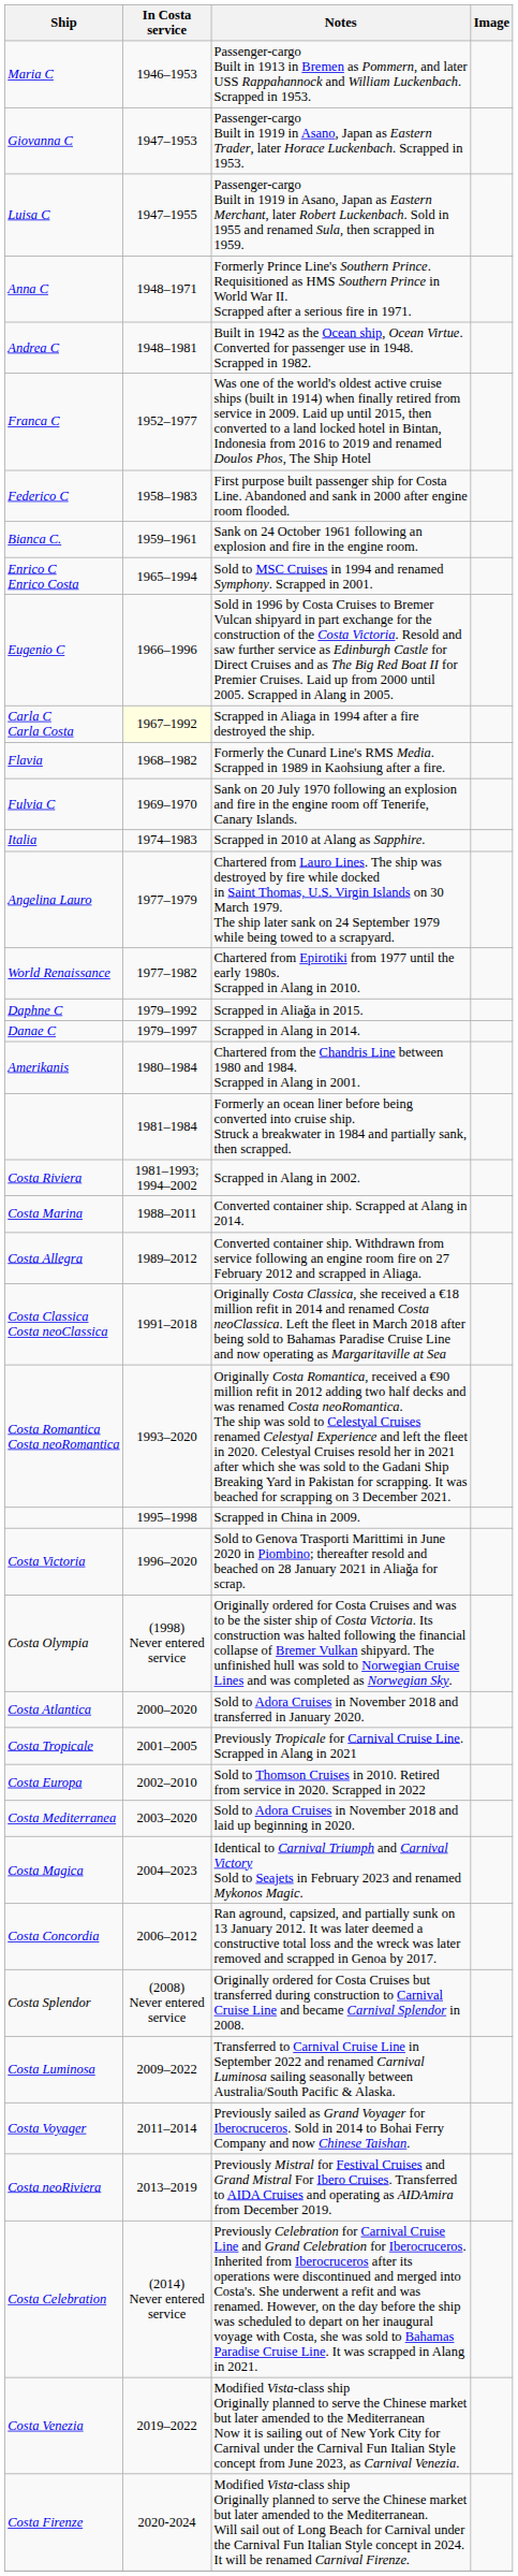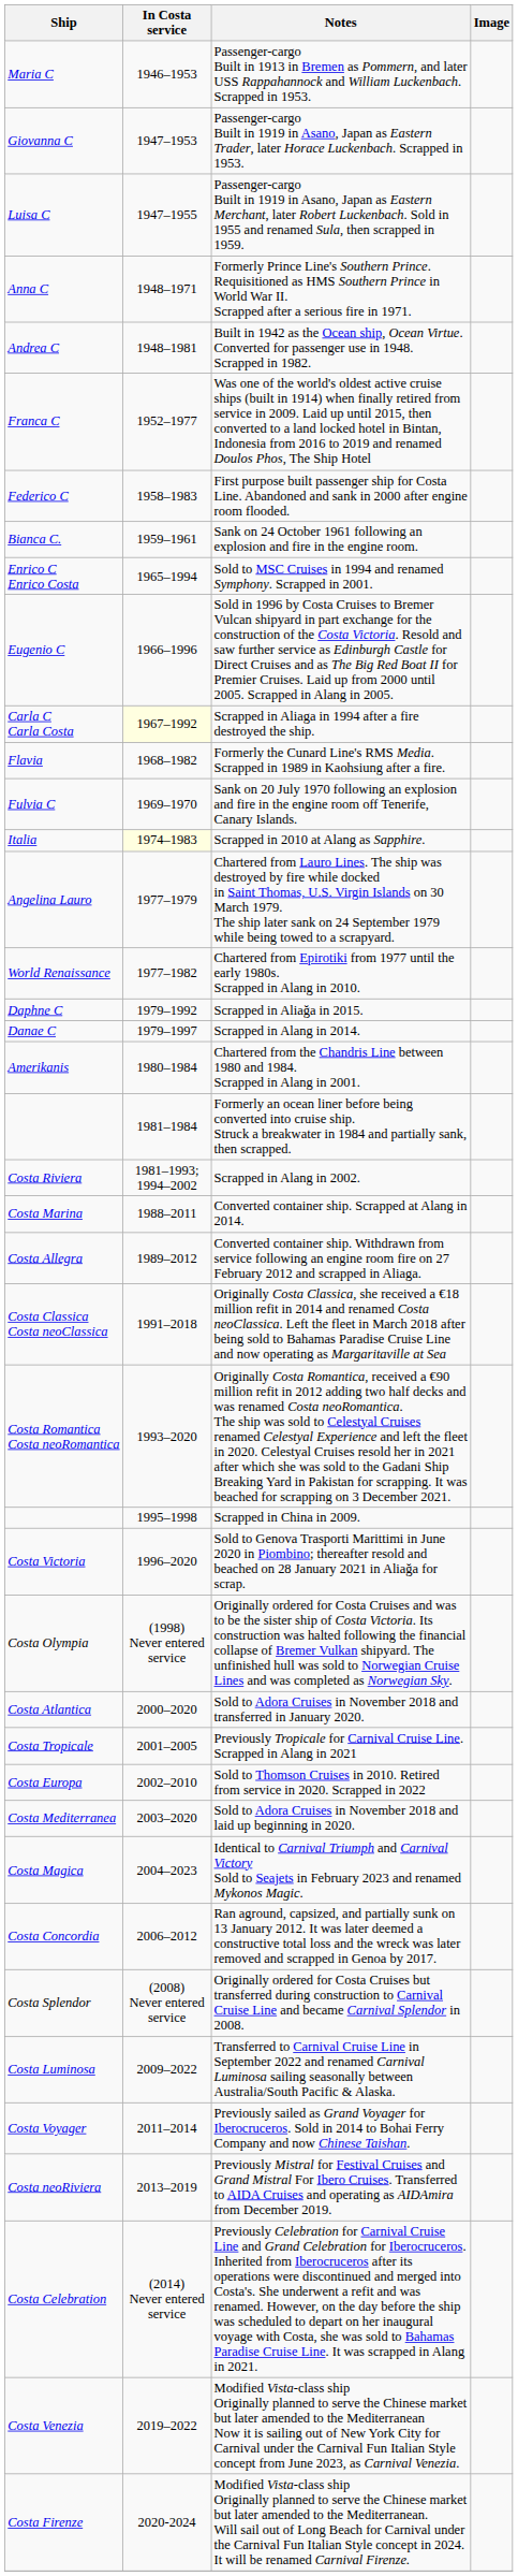 <table class="wikitable sortable">
 <tr>
 <th>Ship</th>
 <th>In Costa service</th>
 <th class="unsortable">Notes</th>
 <th class="unsortable">Image</th>
 </tr>
 <tr>
 <td><a href='#'><em>Maria C</em></a></td>
 <td style="text-align:Center;">1946–1953</td>
 <td>Passenger-cargo<br>Built in 1913 in <a href='#'>Bremen</a> as <em>Pommern</em>, and later USS <em>Rappahannock</em> and <em>William Luckenbach</em>. Scrapped in 1953.</td>
 <td></td>
 </tr>
 <tr>
 <td><em><a href='#'>Giovanna C</a></em></td>
 <td style="text-align:Center;">1947–1953</td>
 <td>Passenger-cargo<br>Built in 1919 in <a href='#'>Asano</a>, Japan as <em>Eastern Trader</em>, later <em>Horace Luckenbach</em>. Scrapped in 1953.</td>
 <td></td>
 </tr>
 <tr>
 <td><em><a href='#'>Luisa C</a></em></td>
 <td style="text-align:Center;">1947–1955</td>
 <td>Passenger-cargo<br>Built in 1919 in Asano, Japan as <em>Eastern Merchant</em>, later <em>Robert Luckenbach</em>. Sold in 1955 and renamed <em>Sula</em>, then scrapped in 1959.</td>
 <td></td>
 </tr>
 <tr>
 <td><em><a href='#'>Anna C</a></em></td>
 <td style="text-align:Center;">1948–1971</td>
 <td>Formerly Prince Line's <em>Southern Prince</em>. Requisitioned as HMS <em>Southern Prince</em> in World War II.<br>Scrapped after a serious fire in 1971.</td>
 <td></td>
 </tr>
 <tr>
 <td><em><a href='#'>Andrea C</a></em></td>
 <td style="text-align:Center;">1948–1981</td>
 <td>Built in 1942 as the <a href='#'>Ocean ship</a>, <em>Ocean Virtue</em>. Converted for passenger use in 1948.<br>Scrapped in 1982.</td>
 <td></td>
 </tr>
 <tr>
 <td><a href='#'><em>Franca C</em></a></td>
 <td style="text-align:Center;">1952–1977</td>
 <td>Was one of the world's oldest active cruise ships (built in 1914) when finally retired from service in 2009. Laid up until 2015, then converted to a land locked hotel in Bintan, Indonesia from 2016 to 2019 and renamed <em>Doulos Phos</em>, The Ship Hotel</td>
 <td></td>
 </tr>
 <tr>
 <td><em><a href='#'>Federico C</a></em></td>
 <td style="text-align:Center;">1958–1983</td>
 <td>First purpose built passenger ship for Costa Line. Abandoned and sank in 2000 after engine room flooded.</td>
 <td></td>
 </tr>
 <tr>
 <td><a href='#'><em>Bianca C.</em></a></td>
 <td style="text-align:Center;">1959–1961</td>
 <td>Sank on 24 October 1961 following an explosion and fire in the engine room.</td>
 <td></td>
 </tr>
 <tr>
 <td><a href='#'><em>Enrico C</em><br><em>Enrico Costa</em></a></td>
 <td style="text-align:Center;">1965–1994</td>
 <td>Sold to <a href='#'>MSC Cruises</a> in 1994 and renamed <em>Symphony</em>. Scrapped in 2001.</td>
 <td></td>
 </tr>
 <tr>
 <td><a href='#'><em>Eugenio C</em></a></td>
 <td style="text-align:Center;">1966–1996</td>
 <td>Sold in 1996 by Costa Cruises to Bremer Vulcan shipyard in part exchange for the construction of the <em><a href='#'>Costa Victoria</a></em>. Resold and saw further service as <em>Edinburgh Castle</em> for Direct Cruises and as <em>The Big Red Boat II</em> for Premier Cruises. Laid up from 2000 until 2005. Scrapped in Alang in 2005.</td>
 <td></td>
 </tr>
 <tr>
 <td><a href='#'><em>Carla C</em><br><em>Carla Costa</em></a></td>
 <td style="background: lightyellow; text-align:Center;">1967–1992</td>
 <td>Scrapped in Aliaga in 1994 after a fire destroyed the ship.</td>
 <td></td>
 </tr>
 <tr>
 <td><em><a href='#'>Flavia</a></em></td>
 <td style="text-align:Center;">1968–1982</td>
 <td>Formerly the Cunard Line's RMS <em>Media</em>. Scrapped in 1989 in Kaohsiung after a fire.</td>
 <td></td>
 </tr>
 <tr>
 <td><em><a href='#'>Fulvia C</a></em></td>
 <td style="text-align:Center;">1969–1970</td>
 <td>Sank on 20 July 1970 following an explosion and fire in the engine room off Tenerife, Canary Islands.</td>
 <td></td>
 </tr>
 <tr>
 <td><em><a href='#'>Italia</a></em></td>
-<td style="text-align:Center;">1974–1983</td>
+<td style="background: lightyellow; text-align:Center;">1974–1983</td>
 <td>Scrapped in 2010 at Alang as <em>Sapphire</em>.</td>
 <td></td>
 </tr>
 <tr>
 <td><em><a href='#'>Angelina Lauro</a></em></td>
 <td style="text-align:Center;">1977–1979</td>
 <td>Chartered from <a href='#'>Lauro Lines</a>. The ship was destroyed by fire while docked<br>in <a href='#'>Saint Thomas, U.S. Virgin Islands</a> on 30 March 1979.<br>The ship later sank on 24 September 1979 while being towed to a scrapyard.</td>
 <td></td>
 </tr>
 <tr>
 <td><em><a href='#'>World Renaissance</a></em></td>
 <td style="text-align:Center;">1977–1982</td>
 <td>Chartered from <a href='#'>Epirotiki</a> from 1977 until the early 1980s.<br>Scrapped in Alang in 2010.</td>
 <td></td>
 </tr>
 <tr>
 <td><em><a href='#'>Daphne C</a></em></td>
 <td style="text-align:Center;">1979–1992</td>
 <td>Scrapped in Aliağa in 2015.</td>
 <td></td>
 </tr>
 <tr>
 <td><em><a href='#'>Danae C</a></em></td>
 <td style="text-align:Center;">1979–1997</td>
 <td>Scrapped in Alang in 2014.</td>
 <td></td>
 </tr>
 <tr>
 <td><em><a href='#'>Amerikanis</a></em></td>
 <td style="text-align:Center;">1980–1984</td>
 <td>Chartered from the <a href='#'>Chandris Line</a> between 1980 and 1984.<br>Scrapped in Alang in 2001.</td>
 <td></td>
 </tr>
 <tr>
 <td></td>
 <td style="text-align:Center;">1981–1984</td>
 <td>Formerly an ocean liner before being converted into cruise ship.<br>Struck a breakwater in 1984 and partially sank, then scrapped.</td>
 <td></td>
 </tr>
 <tr>
 <td><em><a href='#'>Costa Riviera</a></em></td>
 <td style="text-align:Center;">1981–1993; 1994–2002</td>
 <td>Scrapped in Alang in 2002.</td>
 <td></td>
 </tr>
 <tr>
 <td><em><a href='#'>Costa Marina</a></em></td>
 <td style="text-align:Center;">1988–2011</td>
 <td>Converted container ship. Scrapped at Alang in 2014.</td>
 <td></td>
 </tr>
 <tr>
 <td><em><a href='#'>Costa Allegra</a></em></td>
 <td style="text-align:Center;">1989–2012</td>
 <td>Converted container ship. Withdrawn from service following an engine room fire on 27 February 2012 and scrapped in Aliaga.</td>
 <td></td>
 </tr>
 <tr>
 <td><a href='#'><em>Costa Classica</em><br><em>Costa neoClassica</em></a></td>
 <td style="text-align:Center;">1991–2018</td>
 <td>Originally <em>Costa Classica</em>, she received a €18 million refit in 2014 and renamed <em>Costa neoClassica</em>. Left the fleet in March 2018 after being sold to Bahamas Paradise Cruise Line and now operating as <em>Margaritaville at Sea</em> </td>
 <td></td>
 </tr>
 <tr>
 <td><em><a href='#'>Costa Romantica<br>Costa neoRomantica</a></em></td>
 <td style="text-align:Center;">1993–2020</td>
 <td>Originally <em>Costa Romantica</em>, received a €90 million refit in 2012 adding two half decks and was renamed <em>Costa neoRomantica</em>.<br>The ship was sold to <a href='#'>Celestyal Cruises</a> renamed <em>Celestyal Experience</em> and left the fleet in 2020. Celestyal Cruises resold her in 2021 after which she was sold to the Gadani Ship Breaking Yard in Pakistan for scrapping. It was beached for scrapping on 3 December 2021.</td>
 <td></td>
 </tr>
 <tr>
 <td></td>
 <td style="text-align:Center;">1995–1998</td>
 <td>Scrapped in China in 2009.</td>
 <td></td>
 </tr>
 <tr>
 <td><em><a href='#'>Costa Victoria</a></em></td>
 <td style="text-align:Center;">1996–2020</td>
 <td>Sold to Genova Trasporti Marittimi in June 2020 in <a href='#'>Piombino</a>; thereafter resold and beached on 28 January 2021 in Aliağa for scrap.</td>
 <td></td>
 </tr>
 <tr>
 <td><em>Costa Olympia</em></td>
 <td style="text-align:Center;">(1998) Never entered service</td>
 <td>Originally ordered for Costa Cruises and was to be the sister ship of <em>Costa Victoria</em>. Its construction was halted following the financial collapse of <a href='#'>Bremer Vulkan</a> shipyard. The unfinished hull was sold to <a href='#'>Norwegian Cruise Lines</a> and was completed as <em><a href='#'>Norwegian Sky</a></em>.</td>
 <td></td>
 </tr>
 <tr>
 <td><em><a href='#'>Costa Atlantica</a></em></td>
 <td style="text-align:Center;">2000–2020</td>
 <td>Sold to <a href='#'>Adora Cruises</a> in November 2018 and transferred in January 2020.</td>
 <td></td>
 </tr>
 <tr>
 <td><em><a href='#'>Costa Tropicale</a></em></td>
 <td style="text-align:Center;">2001–2005</td>
 <td>Previously <em>Tropicale</em> for <a href='#'>Carnival Cruise Line</a>. Scrapped in Alang in 2021</td>
 <td></td>
 </tr>
 <tr>
 <td><em><a href='#'>Costa Europa</a></em></td>
 <td style="text-align:Center;">2002–2010</td>
 <td>Sold to <a href='#'>Thomson Cruises</a> in 2010. Retired from service in 2020. Scrapped in 2022</td>
 <td></td>
 </tr>
 <tr>
 <td><em><a href='#'>Costa Mediterranea</a></em></td>
 <td style="text-align:Center;">2003–2020</td>
 <td>Sold to <a href='#'>Adora Cruises</a> in November 2018 and laid up beginning in 2020.</td>
 <td></td>
 </tr>
 <tr>
 <td><em><a href='#'>Costa Magica</a></em></td>
 <td style="text-align:Center;">2004–2023</td>
 <td>Identical to <em><a href='#'>Carnival Triumph</a></em> and <em><a href='#'>Carnival Victory</a></em><br>Sold to <a href='#'>Seajets</a> in February 2023 and renamed <em>Mykonos Magic</em>.</td>
 <td></td>
 </tr>
 <tr>
 <td><em><a href='#'>Costa Concordia</a></em></td>
 <td style="text-align:Center;">2006–2012</td>
 <td>Ran aground, capsized, and partially sunk on 13 January 2012. It was later deemed a constructive total loss and the wreck was later removed and scrapped in Genoa by 2017.</td>
 <td></td>
 </tr>
 <tr>
 <td><em>Costa Splendor</em></td>
 <td style="text-align:Center;">(2008) Never entered service</td>
 <td>Originally ordered for Costa Cruises but transferred during construction to <a href='#'>Carnival Cruise Line</a> and became <em><a href='#'>Carnival Splendor</a></em> in 2008.</td>
 <td></td>
 </tr>
 <tr>
 <td><em><a href='#'>Costa Luminosa</a></em></td>
 <td style="text-align:Center;">2009–2022</td>
 <td>Transferred to <a href='#'>Carnival Cruise Line</a> in September 2022 and renamed <em>Carnival Luminosa</em> sailing seasonally between Australia/South Pacific & Alaska.</td>
 <td></td>
 </tr>
 <tr>
 <td><em><a href='#'>Costa Voyager</a> </em></td>
 <td style="text-align:Center;">2011–2014</td>
 <td>Previously sailed as <em>Grand Voyager</em> for <a href='#'>Iberocruceros</a>. Sold in 2014 to Bohai Ferry Company and now <em><a href='#'>Chinese Taishan</a></em>.</td>
 <td></td>
 </tr>
 <tr>
 <td><em><a href='#'>Costa neoRiviera</a></em></td>
 <td style="text-align:Center;">2013–2019</td>
 <td>Previously <em>Mistral</em> for <a href='#'>Festival Cruises</a> and <em>Grand Mistral</em> For <a href='#'>Ibero Cruises</a>. Transferred to <a href='#'>AIDA Cruises</a> and operating as <em>AIDAmira</em> from December 2019.</td>
 <td></td>
 </tr>
 <tr>
 <td><em><a href='#'>Costa Celebration</a></em></td>
 <td style="text-align:Center;">(2014) Never entered service</td>
 <td>Previously <em>Celebration</em> for <a href='#'>Carnival Cruise Line</a> and <em>Grand Celebration</em> for <a href='#'>Iberocruceros</a>. Inherited from <a href='#'>Iberocruceros</a> after its operations were discontinued and merged into Costa's. She underwent a refit and was renamed. However, on the day before the ship was scheduled to depart on her inaugural voyage with Costa, she was sold to <a href='#'>Bahamas Paradise Cruise Line</a>. It was scrapped in Alang in 2021.</td>
 <td></td>
 </tr>
 <tr>
 <td><em><a href='#'>Costa Venezia</a></em></td>
 <td style="text-align:Center;">2019–2022</td>
 <td>Modified <em>Vista</em>-class ship<br>Originally planned to serve the Chinese market but later amended to the Mediterranean <br>Now it is sailing out of New York City for Carnival under the Carnival Fun Italian Style concept from June 2023, as <em>Carnival Venezia</em>.</td>
 <td></td>
 </tr>
 <tr>
 <td><em><a href='#'>Costa Firenze</a></em></td>
 <td style="text-align:Center;">2020-2024</td>
 <td>Modified <em>Vista</em>-class ship<br>Originally planned to serve the Chinese market but later amended to the Mediterranean.<br>Will sail out of Long Beach for Carnival under the Carnival Fun Italian Style concept in 2024. It will be renamed <em>Carnival Firenze.</em></td>
 <td></td>
 </tr>
 <tr>
 </tr>
 </table>
